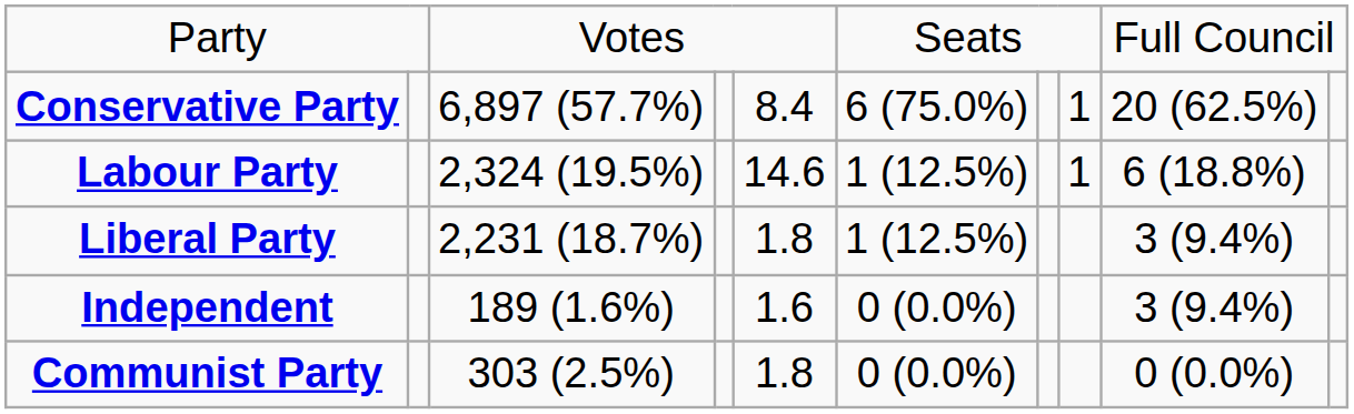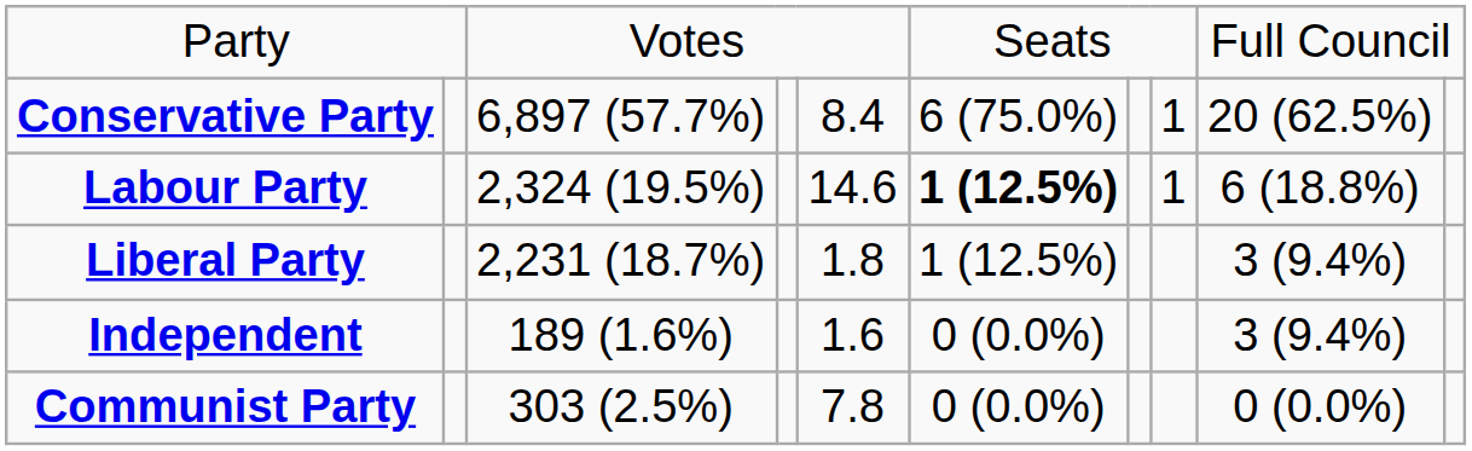 <table class=wikitable style="text-align:center;">
 <tr>
 <td colspan=2>Party</td>
 <td colspan=3>Votes</td>
 <td colspan=3>Seats</td>
 <td colspan=3>Full Council</td>
 </tr>
 <tr>
 <td><strong><a href='#'>Conservative Party</a></strong></td>
 <td style="background:"></td>
 <td>6,897 (57.7%)</td>
 <td></td>
 <td> 8.4</td>
 <td>6 (75.0%)</td>
 <td></td>
 <td> 1</td>
 <td>20 (62.5%)</td>
 <td></td>
 </tr>
 <tr>
 <td><strong><a href='#'>Labour Party</a></strong></td>
 <td style="background:"></td>
 <td>2,324 (19.5%)</td>
 <td></td>
 <td> 14.6</td>
-<td>1 (12.5%)</td>
+<td><strong>1 (12.5%)</strong></td>
 <td></td>
 <td> 1</td>
 <td>6 (18.8%)</td>
 <td></td>
 </tr>
 <tr>
 <td><strong><a href='#'>Liberal Party</a></strong></td>
 <td style="background:"></td>
 <td>2,231 (18.7%)</td>
 <td></td>
 <td> 1.8</td>
 <td>1 (12.5%)</td>
 <td></td>
 <td></td>
 <td>3 (9.4%)</td>
 <td></td>
 </tr>
 <tr>
 <td><strong><a href='#'>Independent</a></strong></td>
 <td style="background:"></td>
 <td>189 (1.6%)</td>
 <td></td>
 <td> 1.6</td>
 <td>0 (0.0%)</td>
 <td></td>
 <td></td>
 <td>3 (9.4%)</td>
 <td></td>
 </tr>
 <tr>
 <td><strong><a href='#'>Communist Party</a></strong></td>
 <td style="background:"></td>
 <td>303 (2.5%)</td>
 <td></td>
-<td> 1.8</td>
+<td> 7.8</td>
 <td>0 (0.0%)</td>
 <td></td>
 <td></td>
 <td>0 (0.0%)</td>
 <td></td>
 </tr>
 </table>
